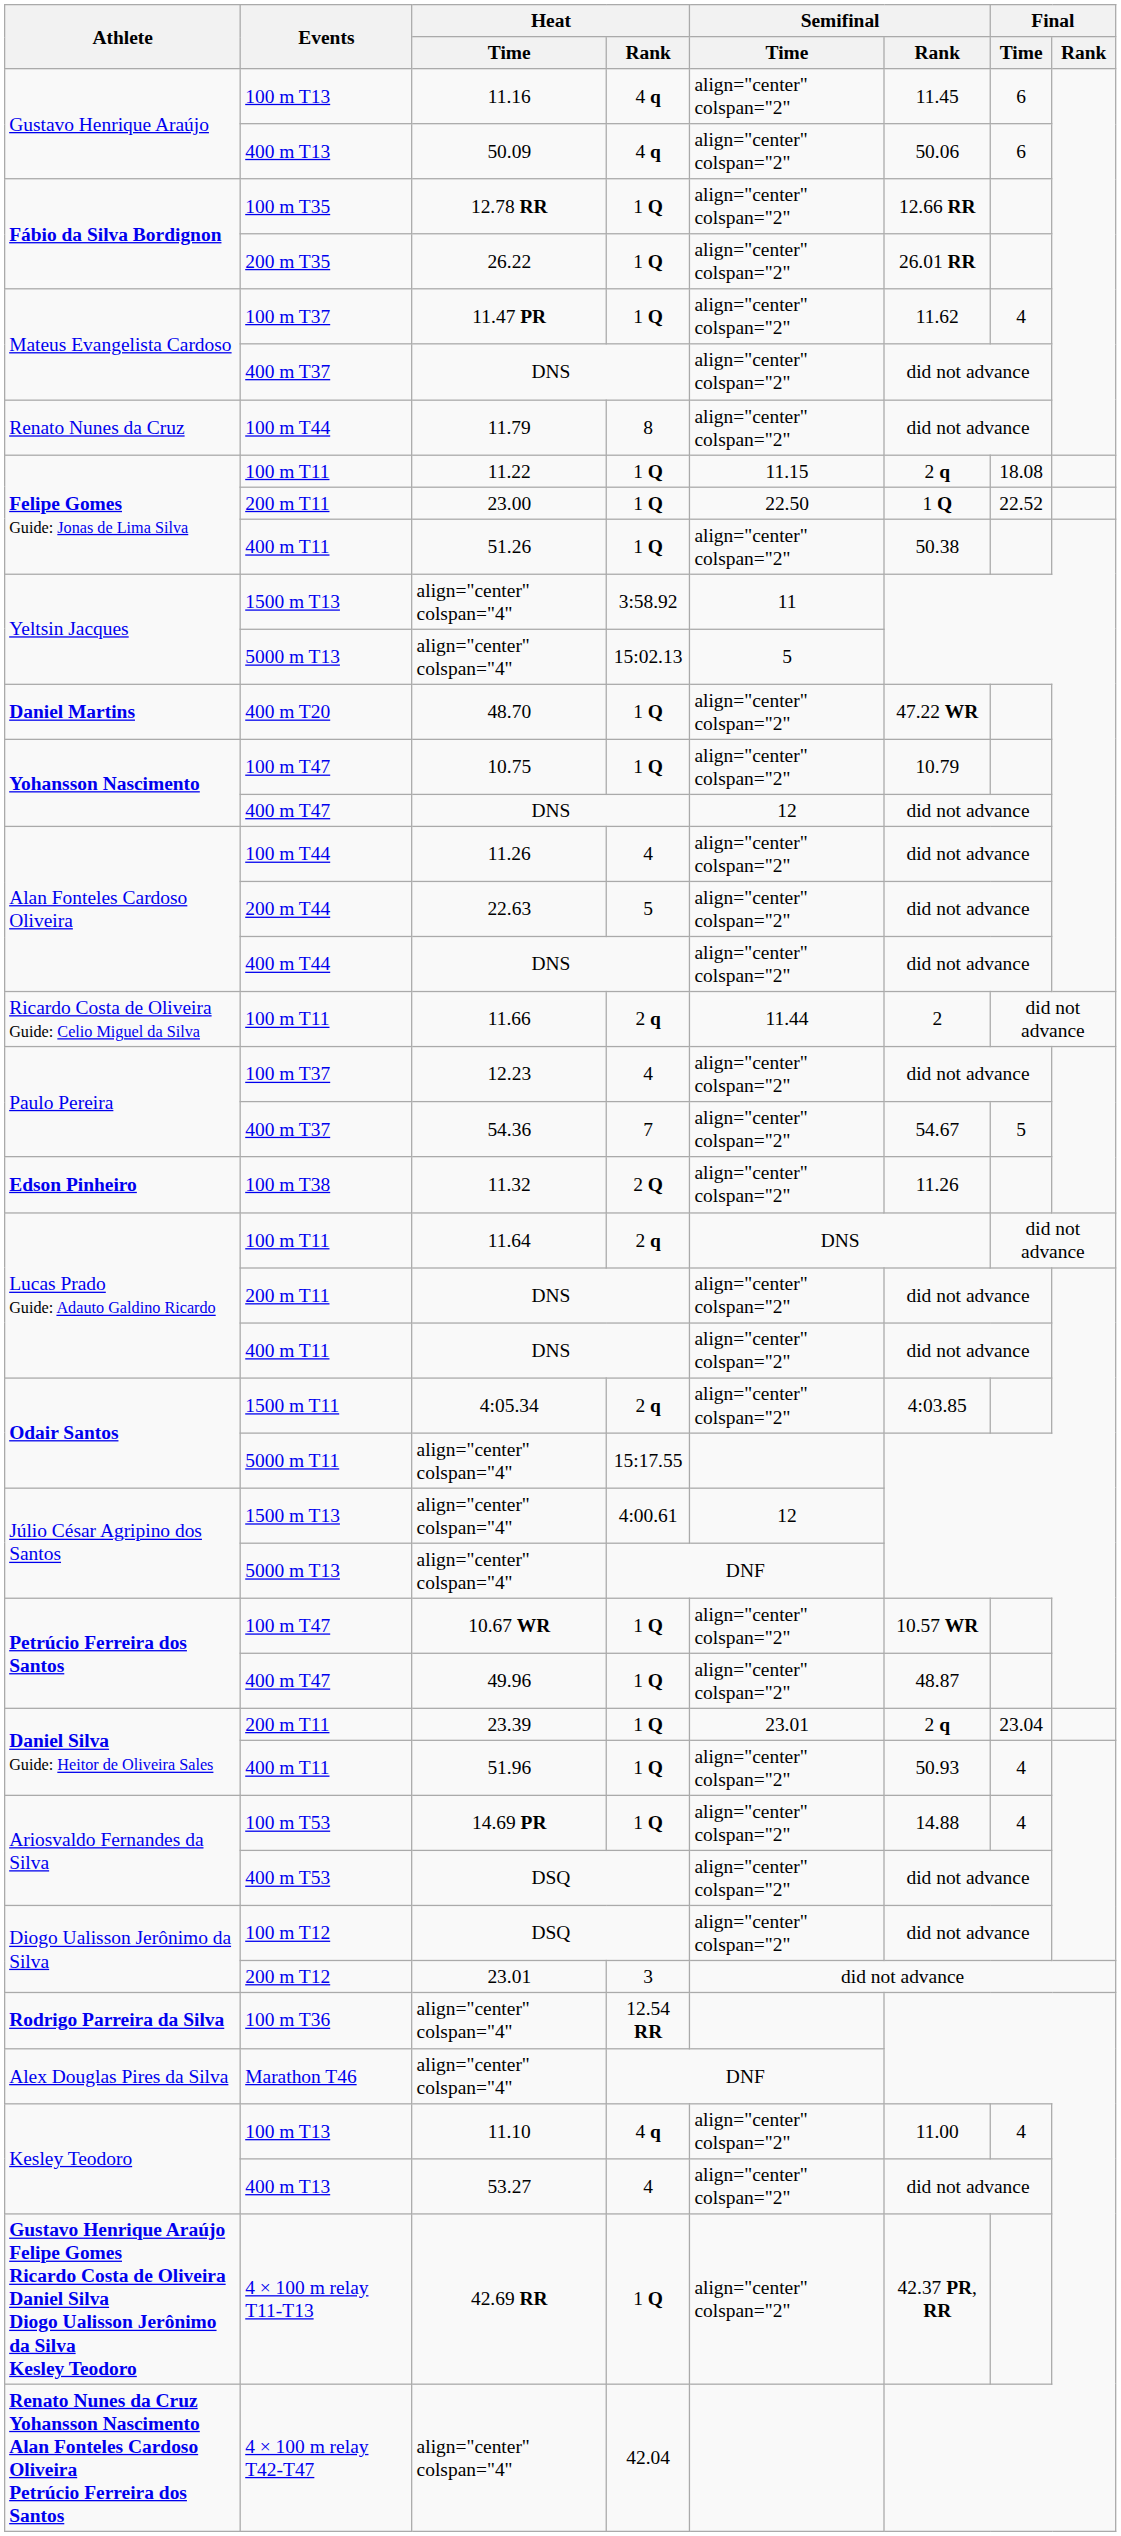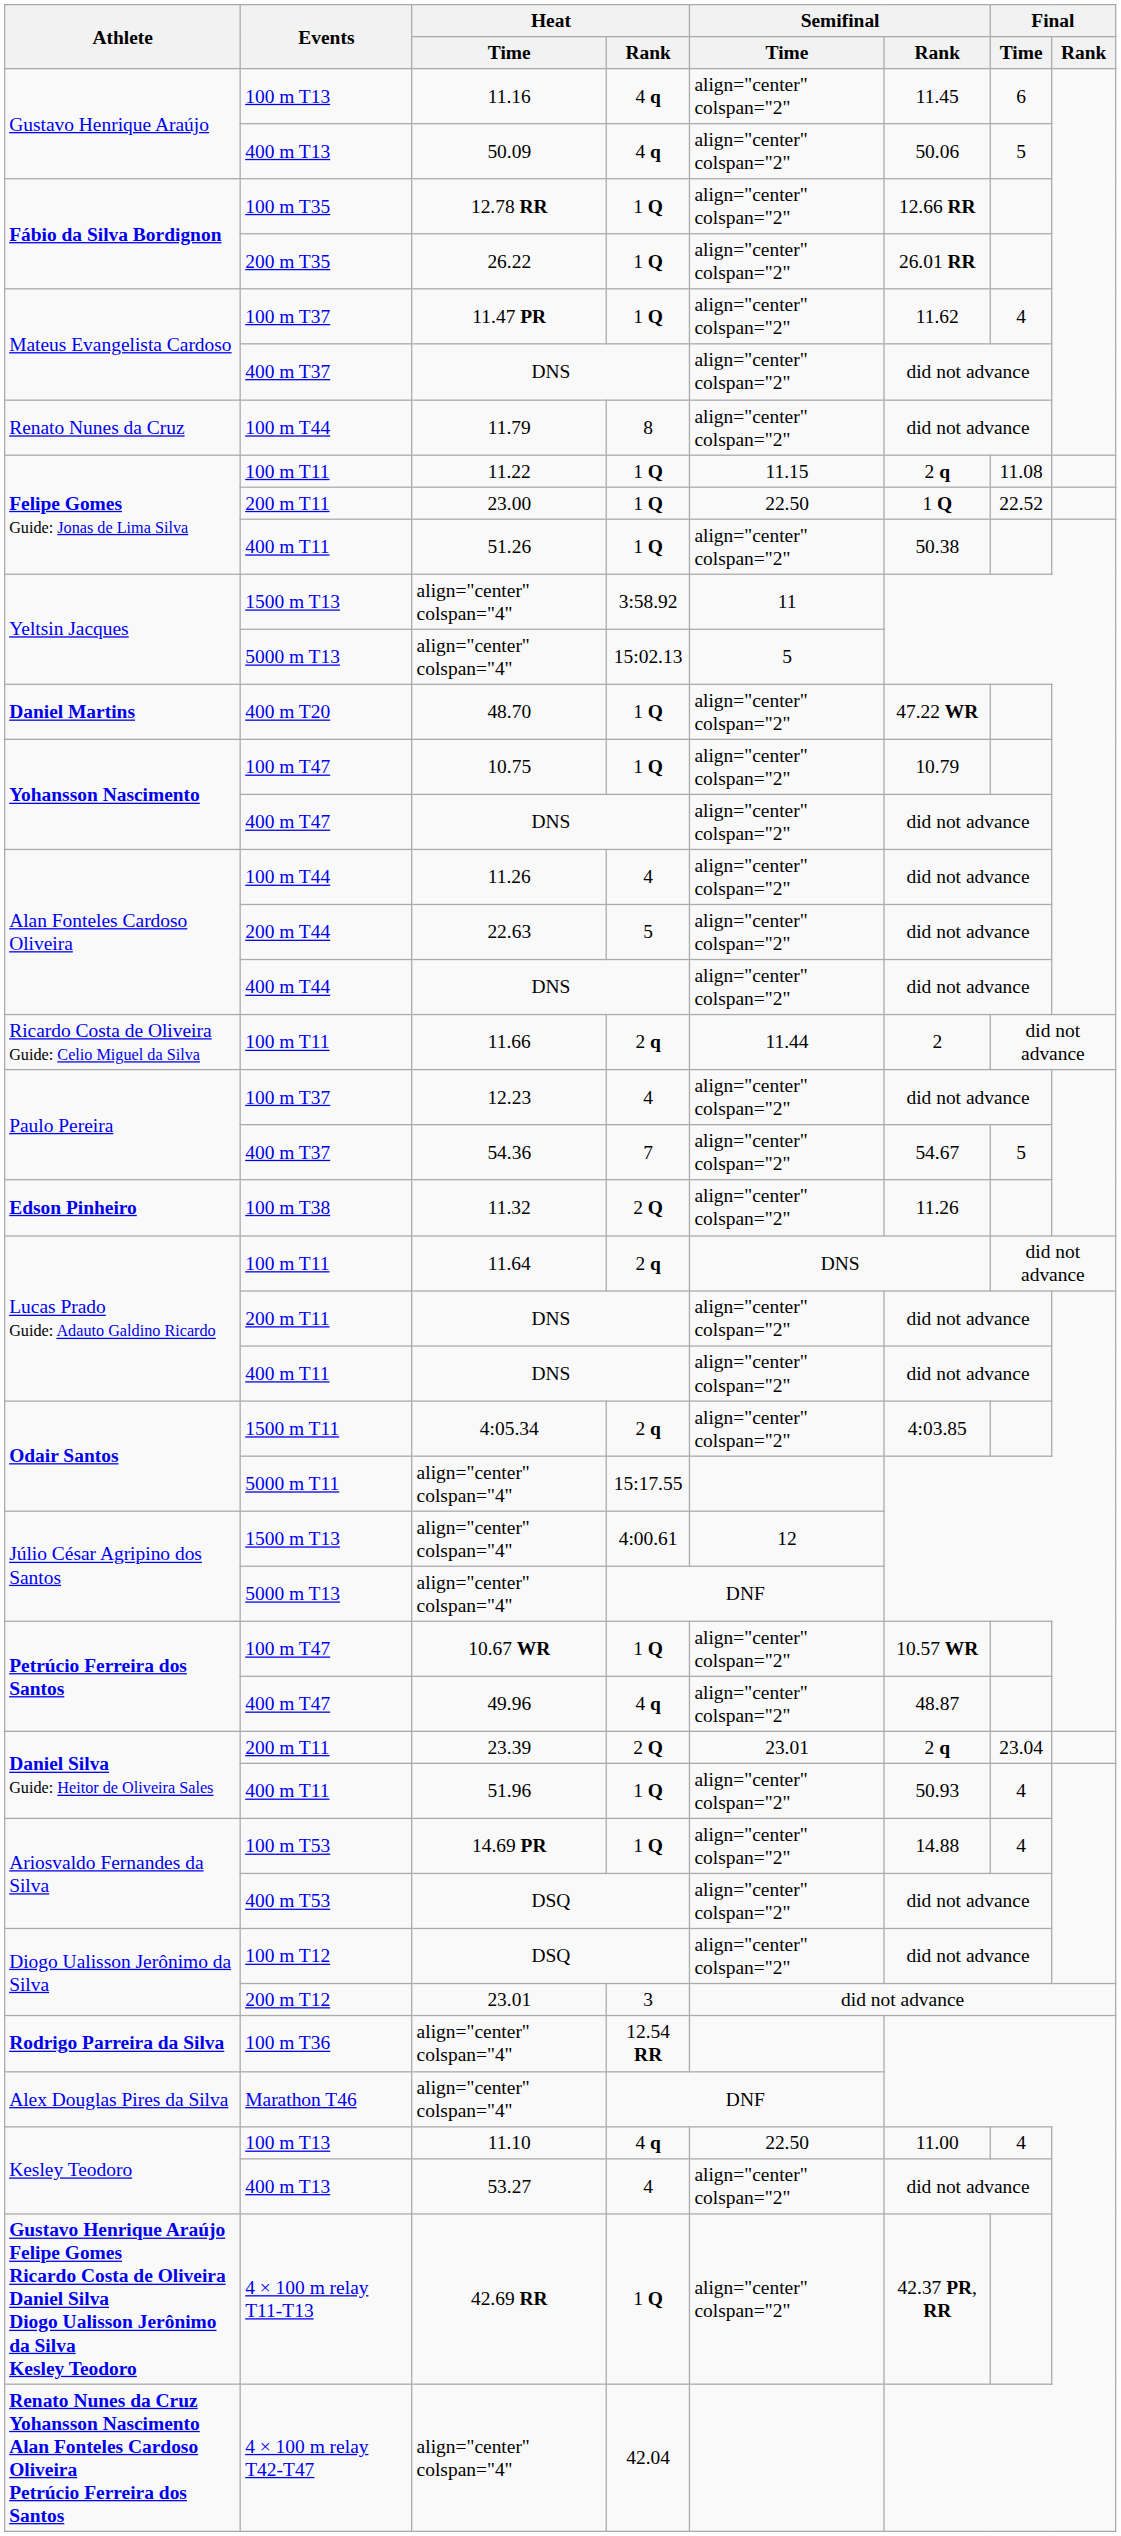 <table class=wikitable style="font-size:95%">
 <tr>
 <th rowspan="2">Athlete</th>
 <th rowspan="2">Events</th>
 <th colspan="2">Heat</th>
 <th colspan="2">Semifinal</th>
 <th colspan="2">Final</th>
 </tr>
 <tr>
 <th>Time</th>
 <th>Rank</th>
 <th>Time</th>
 <th>Rank</th>
 <th>Time</th>
 <th>Rank</th>
 </tr>
 <tr>
 <td rowspan=2><a href='#'>Gustavo Henrique Araújo</a></td>
 <td><a href='#'>100 m T13</a></td>
 <td align="center">11.16</td>
 <td align="center">4 <strong>q</strong></td>
 <td>align="center" colspan="2" </td>
 <td align="center">11.45</td>
 <td align="center">6</td>
 </tr>
 <tr>
 <td><a href='#'>400 m T13</a></td>
 <td align="center">50.09</td>
 <td align="center">4 <strong>q</strong></td>
 <td>align="center" colspan="2" </td>
 <td align="center">50.06</td>
-<td align="center">6</td>
+<td align="center">5</td>
 </tr>
 <tr>
 <td rowspan=2><strong><a href='#'>Fábio da Silva Bordignon</a></strong></td>
 <td><a href='#'>100 m T35</a></td>
 <td align="center">12.78 <strong>RR</strong></td>
 <td align="center">1 <strong>Q</strong></td>
 <td>align="center" colspan="2" </td>
 <td align="center">12.66 <strong>RR</strong></td>
 <td align="center"></td>
 </tr>
 <tr>
 <td><a href='#'>200 m T35</a></td>
 <td align="center">26.22</td>
 <td align="center">1 <strong>Q</strong></td>
 <td>align="center" colspan="2" </td>
 <td align="center">26.01 <strong>RR</strong></td>
 <td align="center"></td>
 </tr>
 <tr>
 <td rowspan=2><a href='#'>Mateus Evangelista Cardoso</a></td>
 <td><a href='#'>100 m T37</a></td>
 <td align="center">11.47 <strong>PR</strong></td>
 <td align="center">1 <strong>Q</strong></td>
 <td>align="center" colspan="2" </td>
 <td align="center">11.62</td>
 <td align="center">4</td>
 </tr>
 <tr>
 <td><a href='#'>400 m T37</a></td>
 <td colspan=2 align="center">DNS</td>
 <td>align="center" colspan="2" </td>
 <td align="center" colspan=2>did not advance</td>
 </tr>
 <tr>
 <td><a href='#'>Renato Nunes da Cruz</a></td>
 <td><a href='#'>100 m T44</a></td>
 <td align="center">11.79</td>
 <td align="center">8</td>
 <td>align="center" colspan="2" </td>
 <td align="center" colspan=2>did not advance</td>
 </tr>
 <tr>
 <td rowspan=3><strong><a href='#'>Felipe Gomes</a></strong><br><small>Guide: <a href='#'>Jonas de Lima Silva</a></small></td>
 <td><a href='#'>100 m T11</a></td>
 <td align="center">11.22</td>
 <td align="center">1 <strong>Q</strong></td>
 <td align="center">11.15</td>
 <td align="center">2 <strong>q</strong></td>
-<td align="center">18.08</td>
+<td align="center">11.08</td>
 <td align="center"></td>
 </tr>
 <tr>
 <td><a href='#'>200 m T11</a></td>
 <td align="center">23.00</td>
 <td align="center">1 <strong>Q</strong></td>
 <td align="center">22.50</td>
 <td align="center">1 <strong>Q</strong></td>
 <td align="center">22.52</td>
 <td align="center"></td>
 </tr>
 <tr>
 <td><a href='#'>400 m T11</a></td>
 <td align="center">51.26</td>
 <td align="center">1 <strong>Q</strong></td>
 <td>align="center" colspan="2" </td>
 <td align="center">50.38</td>
 <td align="center"></td>
 </tr>
 <tr>
 <td rowspan=2><a href='#'>Yeltsin Jacques</a></td>
 <td><a href='#'>1500 m T13</a></td>
 <td>align="center" colspan="4" </td>
 <td align="center">3:58.92</td>
 <td align="center">11</td>
 </tr>
 <tr>
 <td><a href='#'>5000 m T13</a></td>
 <td>align="center" colspan="4" </td>
 <td align="center">15:02.13</td>
 <td align="center">5</td>
 </tr>
 <tr>
 <td><strong><a href='#'>Daniel Martins</a></strong></td>
 <td><a href='#'>400 m T20</a></td>
 <td align="center">48.70</td>
 <td align="center">1 <strong>Q</strong></td>
 <td>align="center" colspan="2" </td>
 <td align="center">47.22 <strong>WR</strong></td>
 <td align="center"></td>
 </tr>
 <tr>
 <td rowspan=2><strong><a href='#'>Yohansson Nascimento</a></strong></td>
 <td><a href='#'>100 m T47</a></td>
 <td align="center">10.75</td>
 <td align="center">1 <strong>Q</strong></td>
 <td>align="center" colspan="2" </td>
 <td align="center">10.79</td>
 <td align="center"></td>
 </tr>
 <tr>
 <td><a href='#'>400 m T47</a></td>
 <td align="center" colspan=2>DNS</td>
-<td align="center">12</td>
+<td>align="center" colspan="2" </td>
 <td align="center" colspan=2>did not advance</td>
 </tr>
 <tr>
 <td rowspan=3><a href='#'>Alan Fonteles Cardoso Oliveira</a></td>
 <td><a href='#'>100 m T44</a></td>
 <td align="center">11.26</td>
 <td align="center">4</td>
 <td>align="center" colspan="2" </td>
 <td align="center" colspan=2>did not advance</td>
 </tr>
 <tr>
 <td><a href='#'>200 m T44</a></td>
 <td align="center">22.63</td>
 <td align="center">5</td>
 <td>align="center" colspan="2" </td>
 <td align="center" colspan=2>did not advance</td>
 </tr>
 <tr>
 <td><a href='#'>400 m T44</a></td>
 <td align="center" colspan=2>DNS</td>
 <td>align="center" colspan="2" </td>
 <td align="center" colspan=2>did not advance</td>
 </tr>
 <tr>
 <td><a href='#'>Ricardo Costa de Oliveira</a><br><small>Guide: <a href='#'>Celio Miguel da Silva</a></small></td>
 <td><a href='#'>100 m T11</a></td>
 <td align="center">11.66</td>
 <td align="center">2 <strong>q</strong></td>
 <td align="center">11.44</td>
 <td align="center">2</td>
 <td align="center" colspan=2>did not advance</td>
 </tr>
 <tr>
 <td rowspan=2><a href='#'>Paulo Pereira</a></td>
 <td><a href='#'>100 m T37</a></td>
 <td align="center">12.23</td>
 <td align="center">4</td>
 <td>align="center" colspan="2" </td>
 <td align="center" colspan=2>did not advance</td>
 </tr>
 <tr>
 <td><a href='#'>400 m T37</a></td>
 <td align="center">54.36</td>
 <td align="center">7</td>
 <td>align="center" colspan="2" </td>
 <td align="center">54.67</td>
 <td align="center">5</td>
 </tr>
 <tr>
 <td><strong><a href='#'>Edson Pinheiro</a></strong></td>
 <td><a href='#'>100 m T38</a></td>
 <td align="center">11.32</td>
 <td align="center">2 <strong>Q</strong></td>
 <td>align="center" colspan="2" </td>
 <td align="center">11.26</td>
 <td align="center"></td>
 </tr>
 <tr>
 <td rowspan=3><a href='#'>Lucas Prado</a><br><small>Guide: <a href='#'>Adauto Galdino Ricardo</a></small></td>
 <td><a href='#'>100 m T11</a></td>
 <td align="center">11.64</td>
 <td align="center">2 <strong>q</strong></td>
 <td align="center" colspan=2>DNS</td>
 <td align="center" colspan=2>did not advance</td>
 </tr>
 <tr>
 <td><a href='#'>200 m T11</a></td>
 <td align="center" colspan=2>DNS</td>
 <td>align="center" colspan="2" </td>
 <td align="center" colspan=2>did not advance</td>
 </tr>
 <tr>
 <td><a href='#'>400 m T11</a></td>
 <td align="center" colspan=2>DNS</td>
 <td>align="center" colspan="2" </td>
 <td align="center" colspan=2>did not advance</td>
 </tr>
 <tr>
 <td rowspan=2><strong><a href='#'>Odair Santos</a></strong></td>
 <td><a href='#'>1500 m T11</a></td>
 <td align="center">4:05.34</td>
 <td align="center">2 <strong>q</strong></td>
 <td>align="center" colspan="2" </td>
 <td align="center">4:03.85</td>
 <td align="center"></td>
 </tr>
 <tr>
 <td><a href='#'>5000 m T11</a></td>
 <td>align="center" colspan="4" </td>
 <td align="center">15:17.55</td>
 <td align="center"></td>
 </tr>
 <tr>
 <td rowspan=2><a href='#'>Júlio César Agripino dos Santos</a></td>
 <td><a href='#'>1500 m T13</a></td>
 <td>align="center" colspan="4" </td>
 <td align="center">4:00.61</td>
 <td align="center">12</td>
 </tr>
 <tr>
 <td><a href='#'>5000 m T13</a></td>
 <td>align="center" colspan="4" </td>
 <td colspan=2 align="center">DNF</td>
 </tr>
 <tr>
 <td rowspan=2><strong><a href='#'>Petrúcio Ferreira dos Santos</a></strong></td>
 <td><a href='#'>100 m T47</a></td>
 <td align="center">10.67 <strong>WR</strong></td>
 <td align="center">1 <strong>Q</strong></td>
 <td>align="center" colspan="2" </td>
 <td align="center">10.57 <strong>WR</strong></td>
 <td align="center"></td>
 </tr>
 <tr>
 <td><a href='#'>400 m T47</a></td>
 <td align="center">49.96</td>
-<td align="center">1 <strong>Q</strong></td>
+<td align="center">4 <strong>q</strong></td>
 <td>align="center" colspan="2" </td>
 <td align="center">48.87</td>
 <td align="center"></td>
 </tr>
 <tr>
 <td rowspan=2><strong><a href='#'>Daniel Silva</a></strong><br><small>Guide: <a href='#'>Heitor de Oliveira Sales</a></small></td>
 <td><a href='#'>200 m T11</a></td>
 <td align="center">23.39</td>
-<td align="center">1 <strong>Q</strong></td>
+<td align="center">2 <strong>Q</strong></td>
 <td align="center">23.01</td>
 <td align="center">2 <strong>q</strong></td>
 <td align="center">23.04</td>
 <td align="center"></td>
 </tr>
 <tr>
 <td><a href='#'>400 m T11</a></td>
 <td align="center">51.96</td>
 <td align="center">1 <strong>Q</strong></td>
 <td>align="center" colspan="2" </td>
 <td align="center">50.93</td>
 <td align="center">4</td>
 </tr>
 <tr>
 <td rowspan=2><a href='#'>Ariosvaldo Fernandes da Silva</a></td>
 <td><a href='#'>100 m T53</a></td>
 <td align="center">14.69 <strong>PR</strong></td>
 <td align="center">1 <strong>Q</strong></td>
 <td>align="center" colspan="2" </td>
 <td align="center">14.88</td>
 <td align="center">4</td>
 </tr>
 <tr>
 <td><a href='#'>400 m T53</a></td>
 <td align="center" colspan=2>DSQ</td>
 <td>align="center" colspan="2" </td>
 <td align="center" colspan=2>did not advance</td>
 </tr>
 <tr>
 <td rowspan=2><a href='#'>Diogo Ualisson Jerônimo da Silva</a></td>
 <td><a href='#'>100 m T12</a></td>
 <td align="center" colspan=2>DSQ</td>
 <td>align="center" colspan="2" </td>
 <td align="center" colspan=2>did not advance</td>
 </tr>
 <tr>
 <td><a href='#'>200 m T12</a></td>
 <td align="center">23.01</td>
 <td align="center">3</td>
 <td align="center" colspan=4>did not advance</td>
 </tr>
 <tr>
 <td><strong><a href='#'>Rodrigo Parreira da Silva</a></strong></td>
 <td><a href='#'>100 m T36</a></td>
 <td>align="center" colspan="4" </td>
 <td align="center">12.54 <strong>RR</strong></td>
 <td align="center"></td>
 </tr>
 <tr>
 <td><a href='#'>Alex Douglas Pires da Silva</a></td>
 <td><a href='#'>Marathon T46</a></td>
 <td>align="center" colspan="4" </td>
 <td colspan=2 align="center">DNF</td>
 </tr>
 <tr>
 <td rowspan=2><a href='#'>Kesley Teodoro</a></td>
 <td><a href='#'>100 m T13</a></td>
 <td align="center">11.10</td>
 <td align="center">4 <strong>q</strong></td>
-<td>align="center" colspan="2" </td>
+<td align="center">22.50</td>
 <td align="center">11.00</td>
 <td align="center">4</td>
 </tr>
 <tr>
 <td><a href='#'>400 m T13</a></td>
 <td align="center">53.27</td>
 <td align="center">4</td>
 <td>align="center" colspan="2" </td>
 <td align="center" colspan=2>did not advance</td>
 </tr>
 <tr>
 <td><strong><a href='#'>Gustavo Henrique Araújo</a><br><a href='#'>Felipe Gomes</a><br><a href='#'>Ricardo Costa de Oliveira</a><br><a href='#'>Daniel Silva</a><br><a href='#'>Diogo Ualisson Jerônimo da Silva</a><br><a href='#'>Kesley Teodoro</a></strong></td>
 <td><a href='#'>4 × 100 m relay T11-T13</a></td>
 <td align="center">42.69 <strong>RR</strong></td>
 <td align="center">1 <strong>Q</strong></td>
 <td>align="center" colspan="2" </td>
 <td align="center">42.37 <strong>PR</strong>, <strong>RR</strong></td>
 <td align="center"></td>
 </tr>
 <tr>
 <td><strong><a href='#'>Renato Nunes da Cruz</a><br><a href='#'>Yohansson Nascimento</a><br><a href='#'>Alan Fonteles Cardoso Oliveira</a><br><a href='#'>Petrúcio Ferreira dos Santos</a></strong></td>
 <td><a href='#'>4 × 100 m relay T42-T47</a></td>
 <td>align="center" colspan="4" </td>
 <td align="center">42.04</td>
 <td align="center"></td>
 </tr>
 </table>
